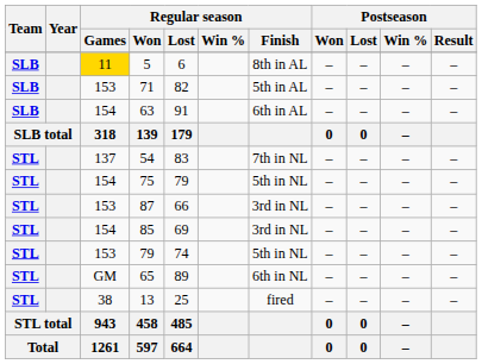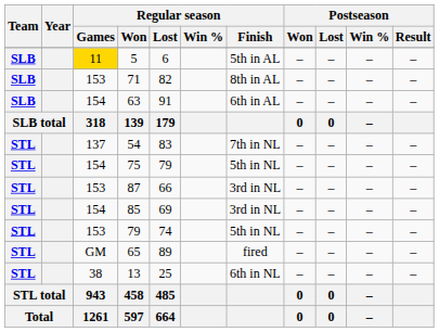 <table class="wikitable" style="font-size: 95%; text-align:center;">
 <tr>
 <th rowspan="2">Team</th>
 <th rowspan="2">Year</th>
 <th colspan="5">Regular season</th>
 <th colspan="4">Postseason</th>
 </tr>
 <tr>
 <th>Games</th>
 <th>Won</th>
 <th>Lost</th>
 <th>Win %</th>
 <th>Finish</th>
 <th>Won</th>
 <th>Lost</th>
 <th>Win %</th>
 <th>Result</th>
 </tr>
 <tr>
 </tr>
 <tr>
 <th><a href='#'>SLB</a></th>
 <th></th>
 <td style="background: gold;">11</td>
 <td>5</td>
 <td>6</td>
 <td></td>
-<td>8th in AL</td>
+<td>5th in AL</td>
 <td>–</td>
 <td>–</td>
 <td>–</td>
 <td>–</td>
 </tr>
 <tr>
 <th><a href='#'>SLB</a></th>
 <th></th>
 <td>153</td>
 <td>71</td>
 <td>82</td>
 <td></td>
-<td>5th in AL</td>
+<td>8th in AL</td>
 <td>–</td>
 <td>–</td>
 <td>–</td>
 <td>–</td>
 </tr>
 <tr>
 <th><a href='#'>SLB</a></th>
 <th></th>
 <td>154</td>
 <td>63</td>
 <td>91</td>
 <td></td>
 <td>6th in AL</td>
 <td>–</td>
 <td>–</td>
 <td>–</td>
 <td>–</td>
 </tr>
 <tr>
 <th colspan="2">SLB total</th>
 <th>318</th>
 <th>139</th>
 <th>179</th>
 <th></th>
 <th></th>
 <th>0</th>
 <th>0</th>
 <th>–</th>
 <th></th>
 </tr>
 <tr>
 <th><a href='#'>STL</a></th>
 <th></th>
 <td>137</td>
 <td>54</td>
 <td>83</td>
 <td></td>
 <td>7th in NL</td>
 <td>–</td>
 <td>–</td>
 <td>–</td>
 <td>–</td>
 </tr>
 <tr>
 <th><a href='#'>STL</a></th>
 <th></th>
 <td>154</td>
 <td>75</td>
 <td>79</td>
 <td></td>
 <td>5th in NL</td>
 <td>–</td>
 <td>–</td>
 <td>–</td>
 <td>–</td>
 </tr>
 <tr>
 <th><a href='#'>STL</a></th>
 <th></th>
 <td>153</td>
 <td>87</td>
 <td>66</td>
 <td></td>
 <td>3rd in NL</td>
 <td>–</td>
 <td>–</td>
 <td>–</td>
 <td>–</td>
 </tr>
 <tr>
 <th><a href='#'>STL</a></th>
 <th></th>
 <td>154</td>
 <td>85</td>
 <td>69</td>
 <td></td>
 <td>3rd in NL</td>
 <td>–</td>
 <td>–</td>
 <td>–</td>
 <td>–</td>
 </tr>
 <tr>
 <th><a href='#'>STL</a></th>
 <th></th>
 <td>153</td>
 <td>79</td>
 <td>74</td>
 <td></td>
 <td>5th in NL</td>
 <td>–</td>
 <td>–</td>
 <td>–</td>
 <td>–</td>
 </tr>
 <tr>
 <th><a href='#'>STL</a></th>
 <th></th>
 <td>GM</td>
 <td>65</td>
 <td>89</td>
 <td></td>
-<td>6th in NL</td>
+<td>fired</td>
 <td>–</td>
 <td>–</td>
 <td>–</td>
 <td>–</td>
 </tr>
 <tr>
 <th><a href='#'>STL</a></th>
 <th></th>
 <td>38</td>
 <td>13</td>
 <td>25</td>
 <td></td>
-<td>fired</td>
+<td>6th in NL</td>
 <td>–</td>
 <td>–</td>
 <td>–</td>
 <td>–</td>
 </tr>
 <tr>
 <th colspan="2">STL total</th>
 <th>943</th>
 <th>458</th>
 <th>485</th>
 <th></th>
 <th></th>
 <th>0</th>
 <th>0</th>
 <th>–</th>
 <th></th>
 </tr>
 <tr>
 <th colspan="2">Total</th>
 <th>1261</th>
 <th>597</th>
 <th>664</th>
 <th></th>
 <th></th>
 <th>0</th>
 <th>0</th>
 <th>–</th>
 <th></th>
 </tr>
 </table>
